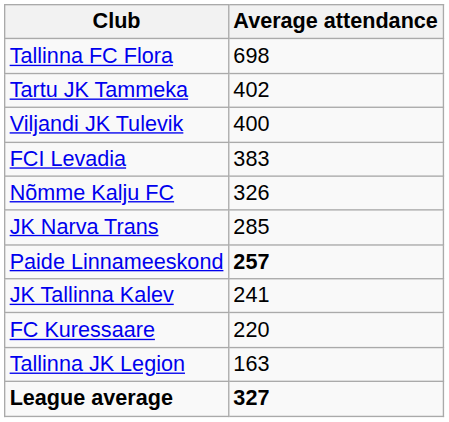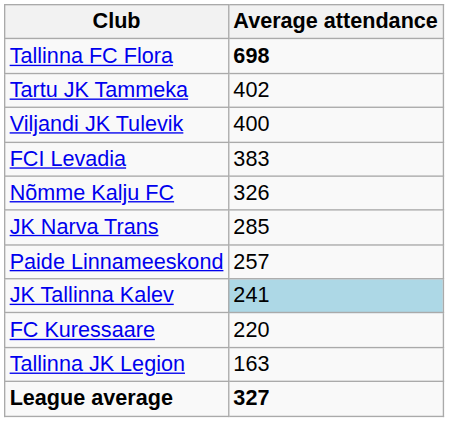 <table class="wikitable sortable">
 <tr>
 <th>Club</th>
 <th>Average attendance</th>
 </tr>
 <tr>
 <td><a href='#'>Tallinna FC Flora</a></td>
-<td>698</td>
+<td><strong>698</strong></td>
 </tr>
 <tr>
 <td><a href='#'>Tartu JK Tammeka</a></td>
 <td>402</td>
 </tr>
 <tr>
 <td><a href='#'>Viljandi JK Tulevik</a></td>
 <td>400</td>
 </tr>
 <tr>
 <td><a href='#'>FCI Levadia</a></td>
 <td>383</td>
 </tr>
 <tr>
 <td><a href='#'>Nõmme Kalju FC</a></td>
 <td>326</td>
 </tr>
 <tr>
 <td><a href='#'>JK Narva Trans</a></td>
 <td>285</td>
 </tr>
 <tr>
 <td><a href='#'>Paide Linnameeskond</a></td>
-<td><strong>257</strong></td>
+<td>257</td>
 </tr>
 <tr>
 <td><a href='#'>JK Tallinna Kalev</a></td>
-<td>241</td>
+<td style="background: lightblue;">241</td>
 </tr>
 <tr>
 <td><a href='#'>FC Kuressaare</a></td>
 <td>220</td>
 </tr>
 <tr>
 <td><a href='#'>Tallinna JK Legion</a></td>
 <td>163</td>
 </tr>
 <tr>
 <td><strong>League average</strong></td>
 <td><strong>327</strong></td>
 </tr>
 </table>
